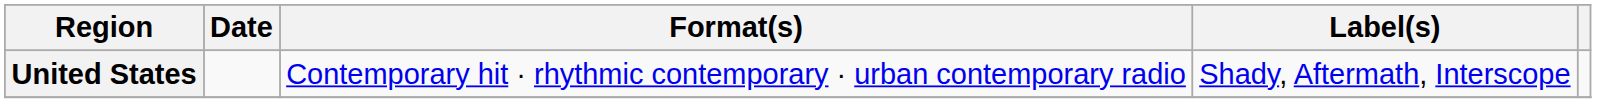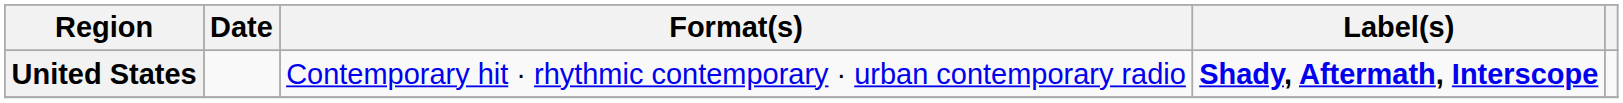 <table class="wikitable plainrowheaders" style="text-align:left">
 <tr>
 <th scope="col">Region</th>
 <th scope="col">Date</th>
 <th scope="col">Format(s)</th>
 <th scope="col">Label(s)</th>
 <th scope="col"></th>
 </tr>
 <tr>
 <th scope="row">United States</th>
 <td></td>
 <td><a href='#'>Contemporary hit</a> · <a href='#'>rhythmic contemporary</a> · <a href='#'>urban contemporary radio</a></td>
-<td><a href='#'>Shady</a>, <a href='#'>Aftermath</a>, <a href='#'>Interscope</a></td>
+<td><strong><a href='#'>Shady</a>, <a href='#'>Aftermath</a>, <a href='#'>Interscope</a></strong></td>
 <td></td>
 </tr>
 <tr>
 </tr>
 </table>
